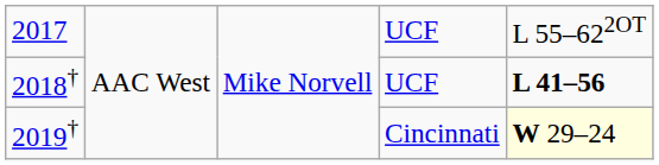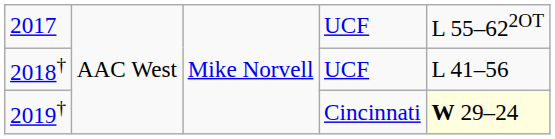 <table class="wikitable">
 <tr>
 <td><a href='#'>2017</a></td>
 <td rowspan="3">AAC West</td>
 <td rowspan="3"><a href='#'>Mike Norvell</a></td>
 <td><a href='#'>UCF</a></td>
 <td>L 55–62<sup>2OT</sup></td>
 </tr>
 <tr>
 <td><a href='#'>2018</a><sup>†</sup></td>
 <td><a href='#'>UCF</a></td>
-<td><strong>L 41–56</strong></td>
+<td>L 41–56</td>
 </tr>
 <tr>
 <td><a href='#'>2019</a><sup>†</sup></td>
 <td><a href='#'>Cincinnati</a></td>
 <td style="background: lightyellow;"><strong>W</strong> 29–24</td>
 </tr>
 </table>
